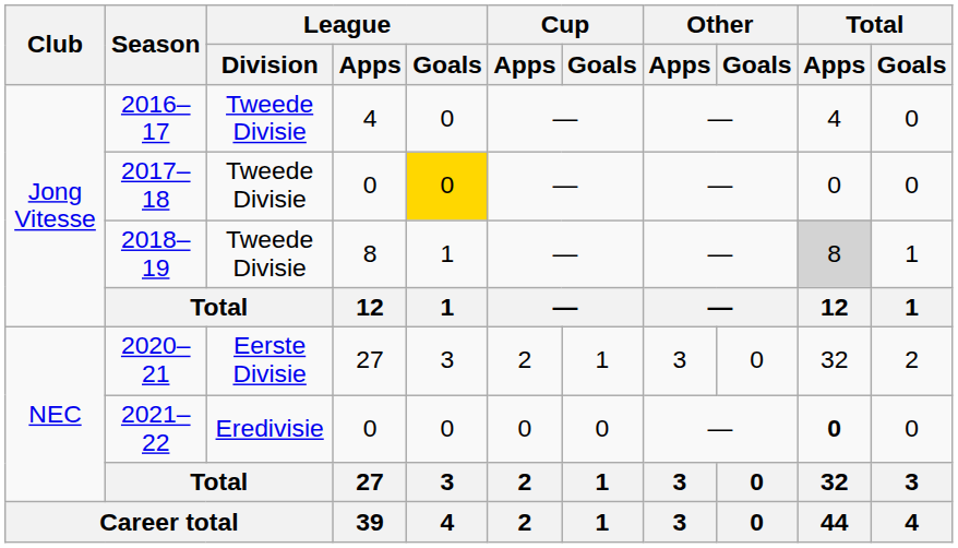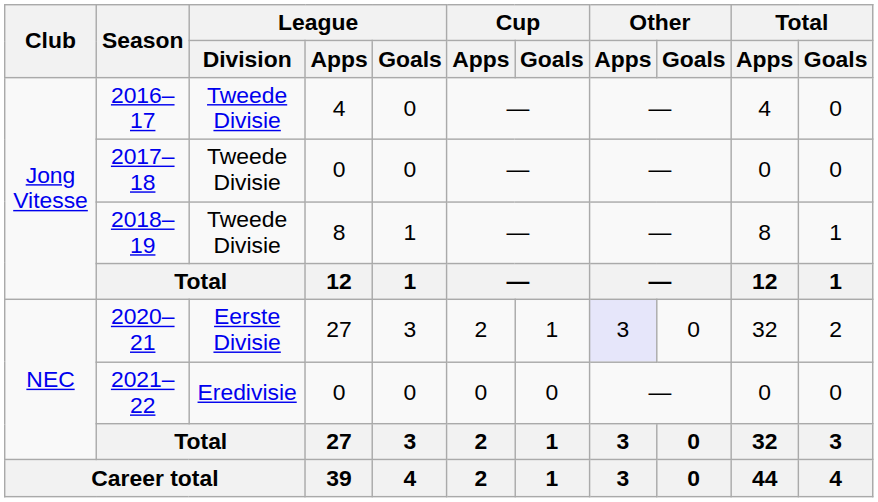 <table class="wikitable" style="text-align:center">
 <tr>
 <th rowspan="2">Club</th>
 <th rowspan="2">Season</th>
 <th colspan="3">League</th>
 <th colspan="2">Cup</th>
 <th colspan="2">Other</th>
 <th colspan="2">Total</th>
 </tr>
 <tr>
 <th>Division</th>
 <th>Apps</th>
 <th>Goals</th>
 <th>Apps</th>
 <th>Goals</th>
 <th>Apps</th>
 <th>Goals</th>
 <th>Apps</th>
 <th>Goals</th>
 </tr>
 <tr>
 <td rowspan="4"><a href='#'>Jong Vitesse</a></td>
 <td><a href='#'>2016–17</a></td>
 <td><a href='#'>Tweede Divisie</a></td>
 <td>4</td>
 <td>0</td>
 <td colspan="2">—</td>
 <td colspan="2">—</td>
 <td>4</td>
 <td>0</td>
 </tr>
 <tr>
 <td><a href='#'>2017–18</a></td>
 <td>Tweede Divisie</td>
 <td>0</td>
-<td style="background: gold;">0</td>
+<td>0</td>
 <td colspan="2">—</td>
 <td colspan="2">—</td>
 <td>0</td>
 <td>0</td>
 </tr>
 <tr>
 <td><a href='#'>2018–19</a></td>
 <td>Tweede Divisie</td>
 <td>8</td>
 <td>1</td>
 <td colspan="2">—</td>
 <td colspan="2">—</td>
-<td style="background: lightgrey;">8</td>
+<td>8</td>
 <td>1</td>
 </tr>
 <tr>
 <th colspan="2">Total</th>
 <th>12</th>
 <th>1</th>
 <th colspan="2">—</th>
 <th colspan="2">—</th>
 <th>12</th>
 <th>1</th>
 </tr>
 <tr>
 <td rowspan="3"><a href='#'>NEC</a></td>
 <td><a href='#'>2020–21</a></td>
 <td><a href='#'>Eerste Divisie</a></td>
 <td>27</td>
 <td>3</td>
 <td>2</td>
 <td>1</td>
-<td>3</td>
+<td style="background: lavender;">3</td>
 <td>0</td>
 <td>32</td>
 <td>2</td>
 </tr>
 <tr>
 <td><a href='#'>2021–22</a></td>
 <td><a href='#'>Eredivisie</a></td>
 <td>0</td>
 <td>0</td>
 <td>0</td>
 <td>0</td>
 <td colspan="2">—</td>
-<td><strong>0</strong></td>
+<td>0</td>
 <td>0</td>
 </tr>
 <tr>
 <th colspan="2">Total</th>
 <th>27</th>
 <th>3</th>
 <th>2</th>
 <th>1</th>
 <th>3</th>
 <th>0</th>
 <th>32</th>
 <th>3</th>
 </tr>
 <tr>
 <th colspan="3">Career total</th>
 <th>39</th>
 <th>4</th>
 <th>2</th>
 <th>1</th>
 <th>3</th>
 <th>0</th>
 <th>44</th>
 <th>4</th>
 </tr>
 </table>
